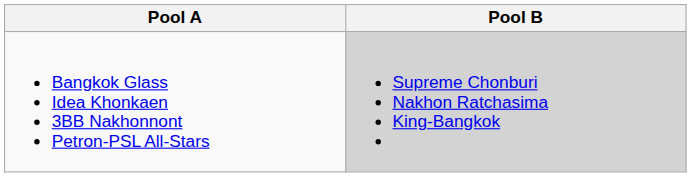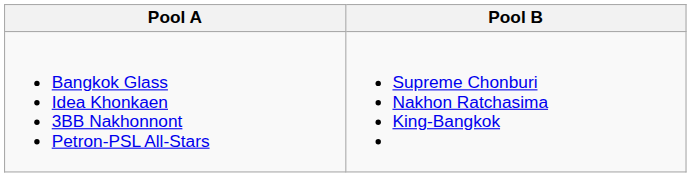 <table class="wikitable" width=50%>
 <tr>
 <th width=25%>Pool A</th>
 <th width=25%>Pool B</th>
 </tr>
 <tr>
 <td><br><ul><li> <a href='#'>Bangkok Glass</a></li><li> <a href='#'>Idea Khonkaen</a></li><li> <a href='#'>3BB Nakhonnont</a></li><li> <a href='#'>Petron-PSL All-Stars</a></li></ul></td>
-<td style="background: lightgrey;"><br><ul><li> <a href='#'>Supreme Chonburi</a></li><li> <a href='#'>Nakhon Ratchasima</a></li><li> <a href='#'>King-Bangkok</a></li><li></li></ul></td>
+<td><br><ul><li> <a href='#'>Supreme Chonburi</a></li><li> <a href='#'>Nakhon Ratchasima</a></li><li> <a href='#'>King-Bangkok</a></li><li></li></ul></td>
 </tr>
 </table>
